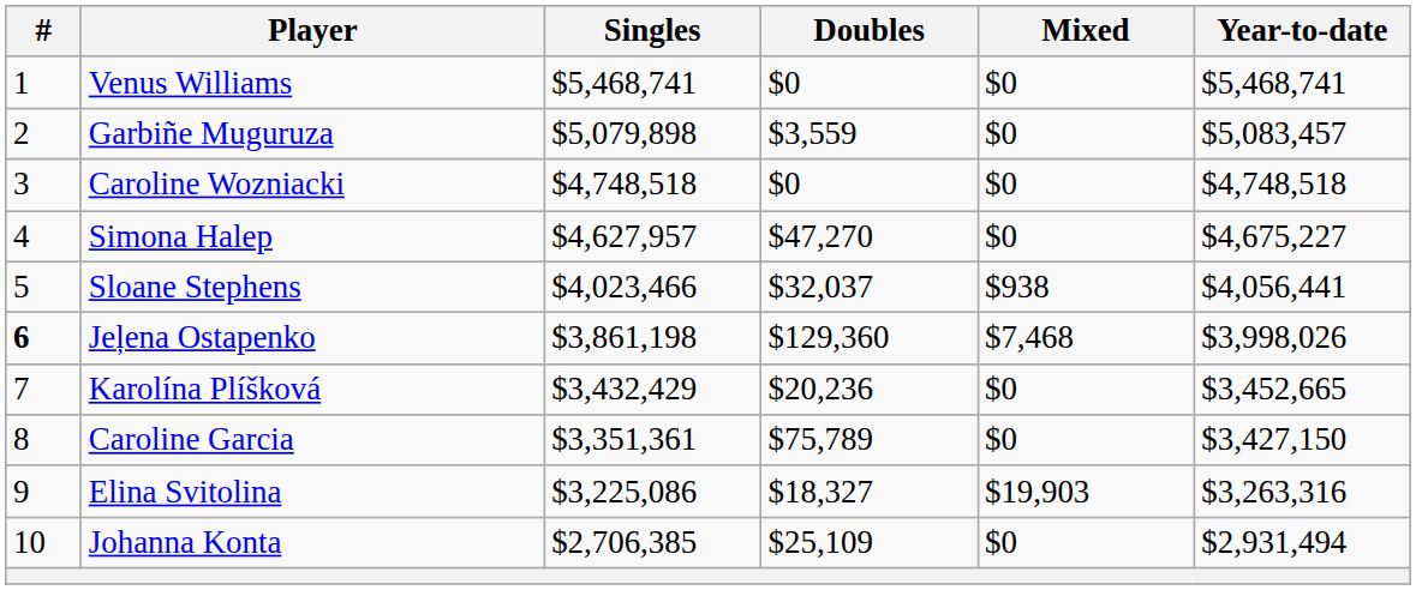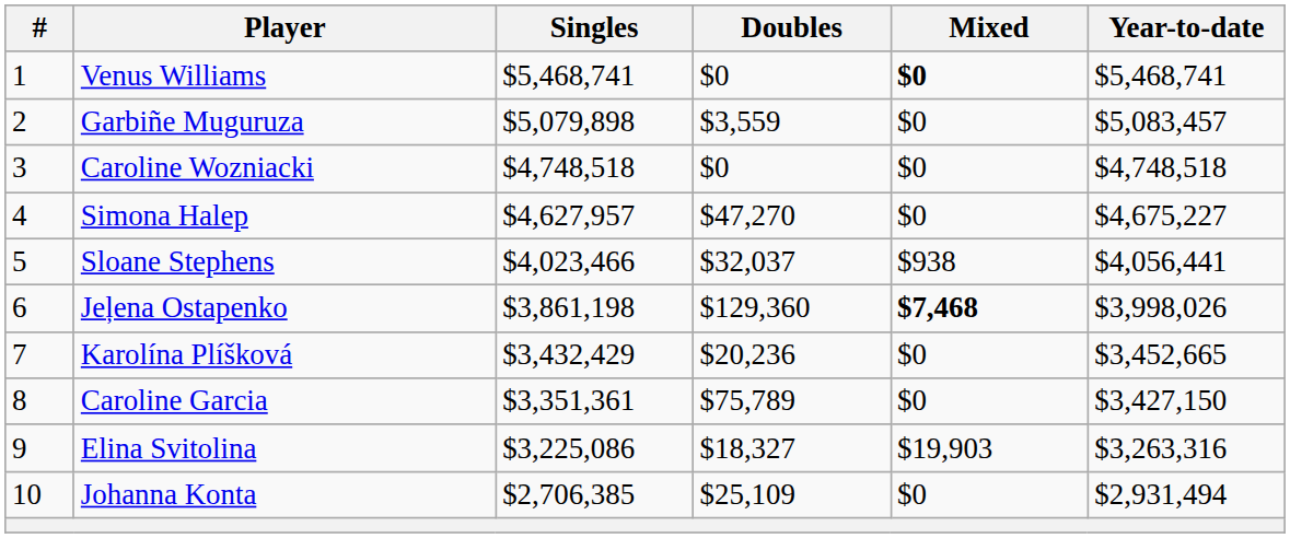 <table class="sortable wikitable">
 <tr>
 <th style="width:30px;">#</th>
 <th style="width:222px;">Player</th>
 <th style="width:100px;">Singles</th>
 <th style="width:100px;">Doubles</th>
 <th style="width:100px;">Mixed</th>
 <th style="width:100px;">Year-to-date</th>
 </tr>
 <tr style="text-align:left;">
 <td>1</td>
 <td style="text-align:left;"> <a href='#'>Venus Williams</a></td>
 <td>$5,468,741</td>
 <td>$0</td>
-<td>$0</td>
+<td><strong>$0</strong></td>
 <td>$5,468,741</td>
 </tr>
 <tr style="text-align:left;">
 <td>2</td>
 <td style="text-align:left;"> <a href='#'>Garbiñe Muguruza</a></td>
 <td>$5,079,898</td>
 <td>$3,559</td>
 <td>$0</td>
 <td>$5,083,457</td>
 </tr>
 <tr style="text-align:left;">
 <td>3</td>
 <td style="text-align:left;"> <a href='#'>Caroline Wozniacki</a></td>
 <td>$4,748,518</td>
 <td>$0</td>
 <td>$0</td>
 <td>$4,748,518</td>
 </tr>
 <tr style="text-align:left;">
 <td>4</td>
 <td style="text-align:left;"> <a href='#'>Simona Halep</a></td>
 <td>$4,627,957</td>
 <td>$47,270</td>
 <td>$0</td>
 <td>$4,675,227</td>
 </tr>
 <tr style="text-align:left;">
 <td>5</td>
 <td style="text-align:left;"> <a href='#'>Sloane Stephens</a></td>
 <td>$4,023,466</td>
 <td>$32,037</td>
 <td>$938</td>
 <td>$4,056,441</td>
 </tr>
 <tr style="text-align:left;">
-<td><strong>6</strong></td>
+<td>6</td>
 <td style="text-align:left;"> <a href='#'>Jeļena Ostapenko</a></td>
 <td>$3,861,198</td>
 <td>$129,360</td>
-<td>$7,468</td>
+<td><strong>$7,468</strong></td>
 <td>$3,998,026</td>
 </tr>
 <tr style="text-align:left;">
 <td>7</td>
 <td style="text-align:left;"> <a href='#'>Karolína Plíšková</a></td>
 <td>$3,432,429</td>
 <td>$20,236</td>
 <td>$0</td>
 <td>$3,452,665</td>
 </tr>
 <tr style="text-align:left;">
 <td>8</td>
 <td style="text-align:left;"> <a href='#'>Caroline Garcia</a></td>
 <td>$3,351,361</td>
 <td>$75,789</td>
 <td>$0</td>
 <td>$3,427,150</td>
 </tr>
 <tr style="text-align:left;">
 <td>9</td>
 <td style="text-align:left;"> <a href='#'>Elina Svitolina</a></td>
 <td>$3,225,086</td>
 <td>$18,327</td>
 <td>$19,903</td>
 <td>$3,263,316</td>
 </tr>
 <tr style="text-align:left;">
 <td>10</td>
 <td style="text-align:left;"> <a href='#'>Johanna Konta</a></td>
 <td>$2,706,385</td>
 <td>$25,109</td>
 <td>$0</td>
 <td>$2,931,494</td>
 </tr>
 <tr class="sortbottom">
 <th colspan=7></th>
 </tr>
 </table>
